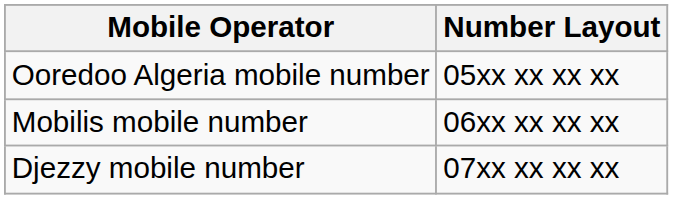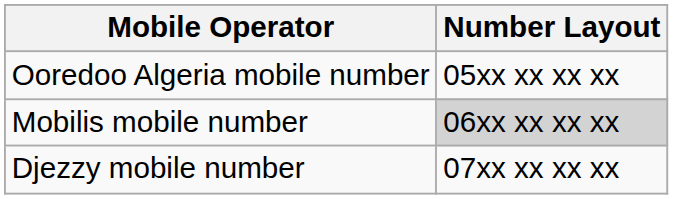 <table class="wikitable" border=1>
 <tr>
 <th>Mobile Operator</th>
 <th>Number Layout</th>
 </tr>
 <tr>
 <td>Ooredoo Algeria mobile number</td>
 <td>05xx xx xx xx</td>
 </tr>
 <tr>
 <td>Mobilis mobile number</td>
-<td>06xx xx xx xx</td>
+<td style="background: lightgrey;">06xx xx xx xx</td>
 </tr>
 <tr>
 <td>Djezzy mobile number</td>
 <td>07xx xx xx xx</td>
 </tr>
 </table>
